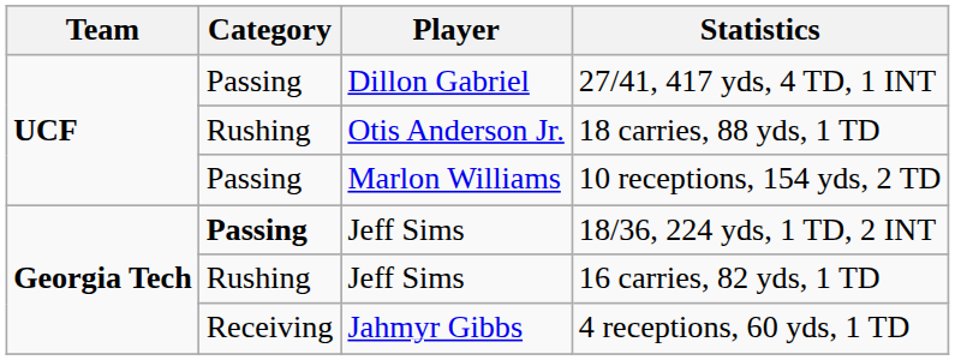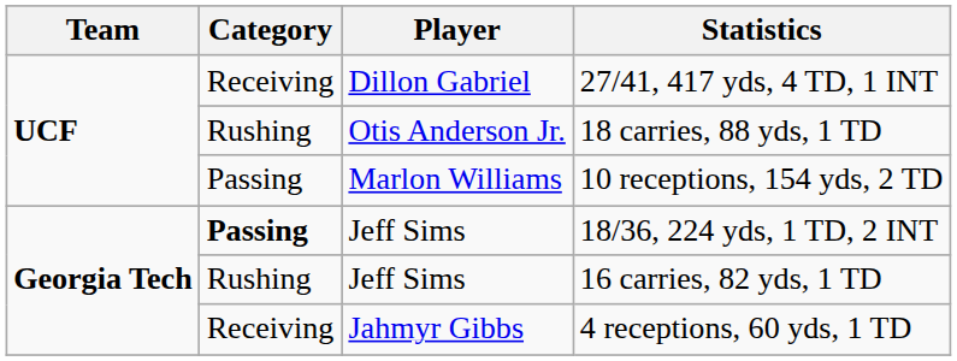 <table class="wikitable" style="float: right;">
 <tr>
 <th>Team</th>
 <th>Category</th>
 <th>Player</th>
 <th>Statistics</th>
 </tr>
 <tr>
 <td rowspan=3><strong>UCF</strong></td>
-<td>Passing</td>
+<td>Receiving</td>
 <td><a href='#'>Dillon Gabriel</a></td>
 <td>27/41, 417 yds, 4 TD, 1 INT</td>
 </tr>
 <tr>
 <td>Rushing</td>
 <td><a href='#'>Otis Anderson Jr.</a></td>
 <td>18 carries, 88 yds, 1 TD</td>
 </tr>
 <tr>
 <td>Passing</td>
 <td><a href='#'>Marlon Williams</a></td>
 <td>10 receptions, 154 yds, 2 TD</td>
 </tr>
 <tr>
 <td rowspan=3><strong>Georgia Tech</strong></td>
 <td><strong>Passing</strong></td>
 <td>Jeff Sims</td>
 <td>18/36, 224 yds, 1 TD, 2 INT</td>
 </tr>
 <tr>
 <td>Rushing</td>
 <td>Jeff Sims</td>
 <td>16 carries, 82 yds, 1 TD</td>
 </tr>
 <tr>
 <td>Receiving</td>
 <td><a href='#'>Jahmyr Gibbs</a></td>
 <td>4 receptions, 60 yds, 1 TD</td>
 </tr>
 </table>
